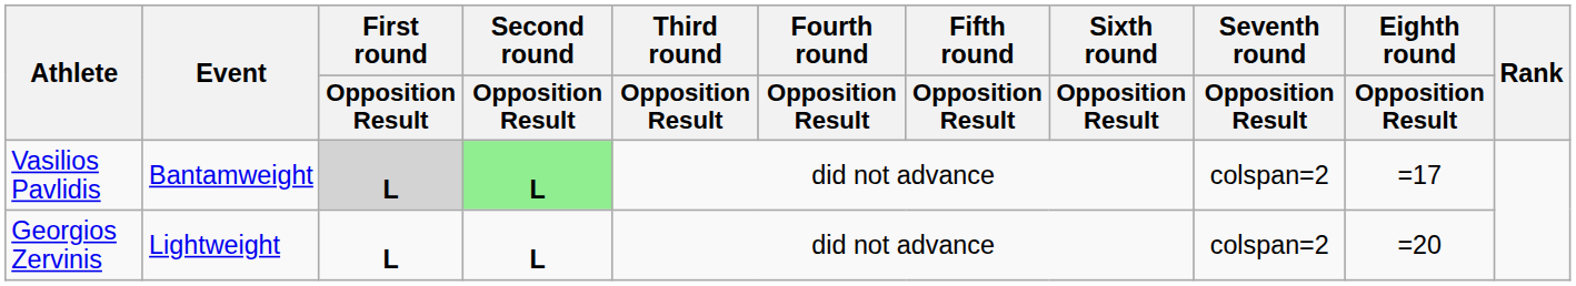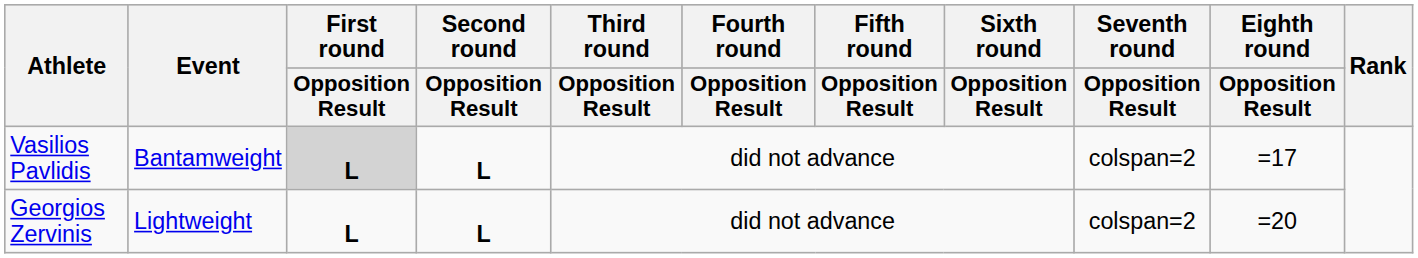 <table class="wikitable" style="font-size:90%;">
 <tr>
 <th rowspan=2>Athlete</th>
 <th rowspan=2>Event</th>
 <th>First round</th>
 <th>Second round</th>
 <th>Third round</th>
 <th>Fourth round</th>
 <th>Fifth round</th>
 <th>Sixth round</th>
 <th>Seventh round</th>
 <th>Eighth round</th>
 <th rowspan=2>Rank</th>
 </tr>
 <tr style="font-size: 95%">
 <th>Opposition<br>Result</th>
 <th>Opposition<br>Result</th>
 <th>Opposition<br>Result</th>
 <th>Opposition<br>Result</th>
 <th>Opposition<br>Result</th>
 <th>Opposition<br>Result</th>
 <th>Opposition<br>Result</th>
 <th>Opposition<br>Result</th>
 </tr>
 <tr align=center>
 <td align=left><a href='#'>Vasilios Pavlidis</a></td>
 <td align=left><a href='#'>Bantamweight</a></td>
 <td style="background: lightgrey;"> <br> <strong>L</strong></td>
-<td style="background: lightgreen;"> <br> <strong>L</strong></td>
+<td> <br> <strong>L</strong></td>
 <td colspan=4>did not advance</td>
 <td>colspan=2 </td>
 <td>=17</td>
 </tr>
 <tr align=center>
 <td align=left><a href='#'>Georgios Zervinis</a></td>
 <td align=left><a href='#'>Lightweight</a></td>
 <td> <br> <strong>L</strong></td>
 <td> <br> <strong>L</strong></td>
 <td colspan=4>did not advance</td>
 <td>colspan=2 </td>
 <td>=20</td>
 </tr>
 </table>
